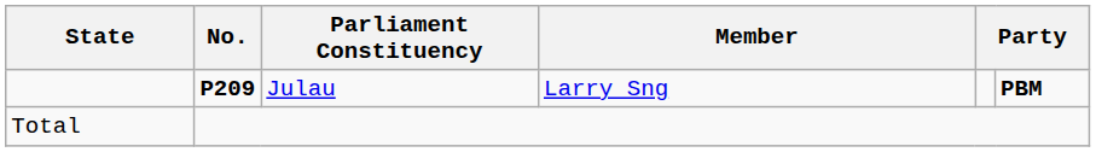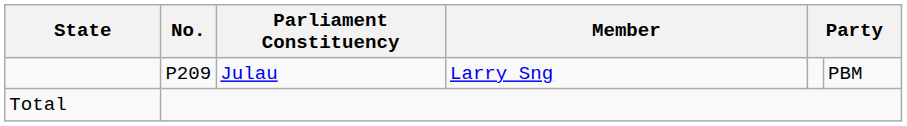 <table class ="wikitable sortable">
 <tr>
 <th style="width:100px;">State</th>
 <th style="width:30px;">No.</th>
 <th style="width:150px;">Parliament Constituency</th>
 <th style="width:240px;">Member</th>
 <th style="width:80px;" colspan=2>Party</th>
 </tr>
 <tr>
 <td></td>
-<td><strong>P209</strong></td>
+<td>P209</td>
 <td><a href='#'>Julau</a></td>
 <td><a href='#'>Larry Sng</a></td>
 <td></td>
-<td><strong>PBM</strong></td>
+<td>PBM</td>
 </tr>
 <tr>
 <td>Total</td>
 <td style="width:30px;" colspan=6></td>
 </tr>
 </table>
